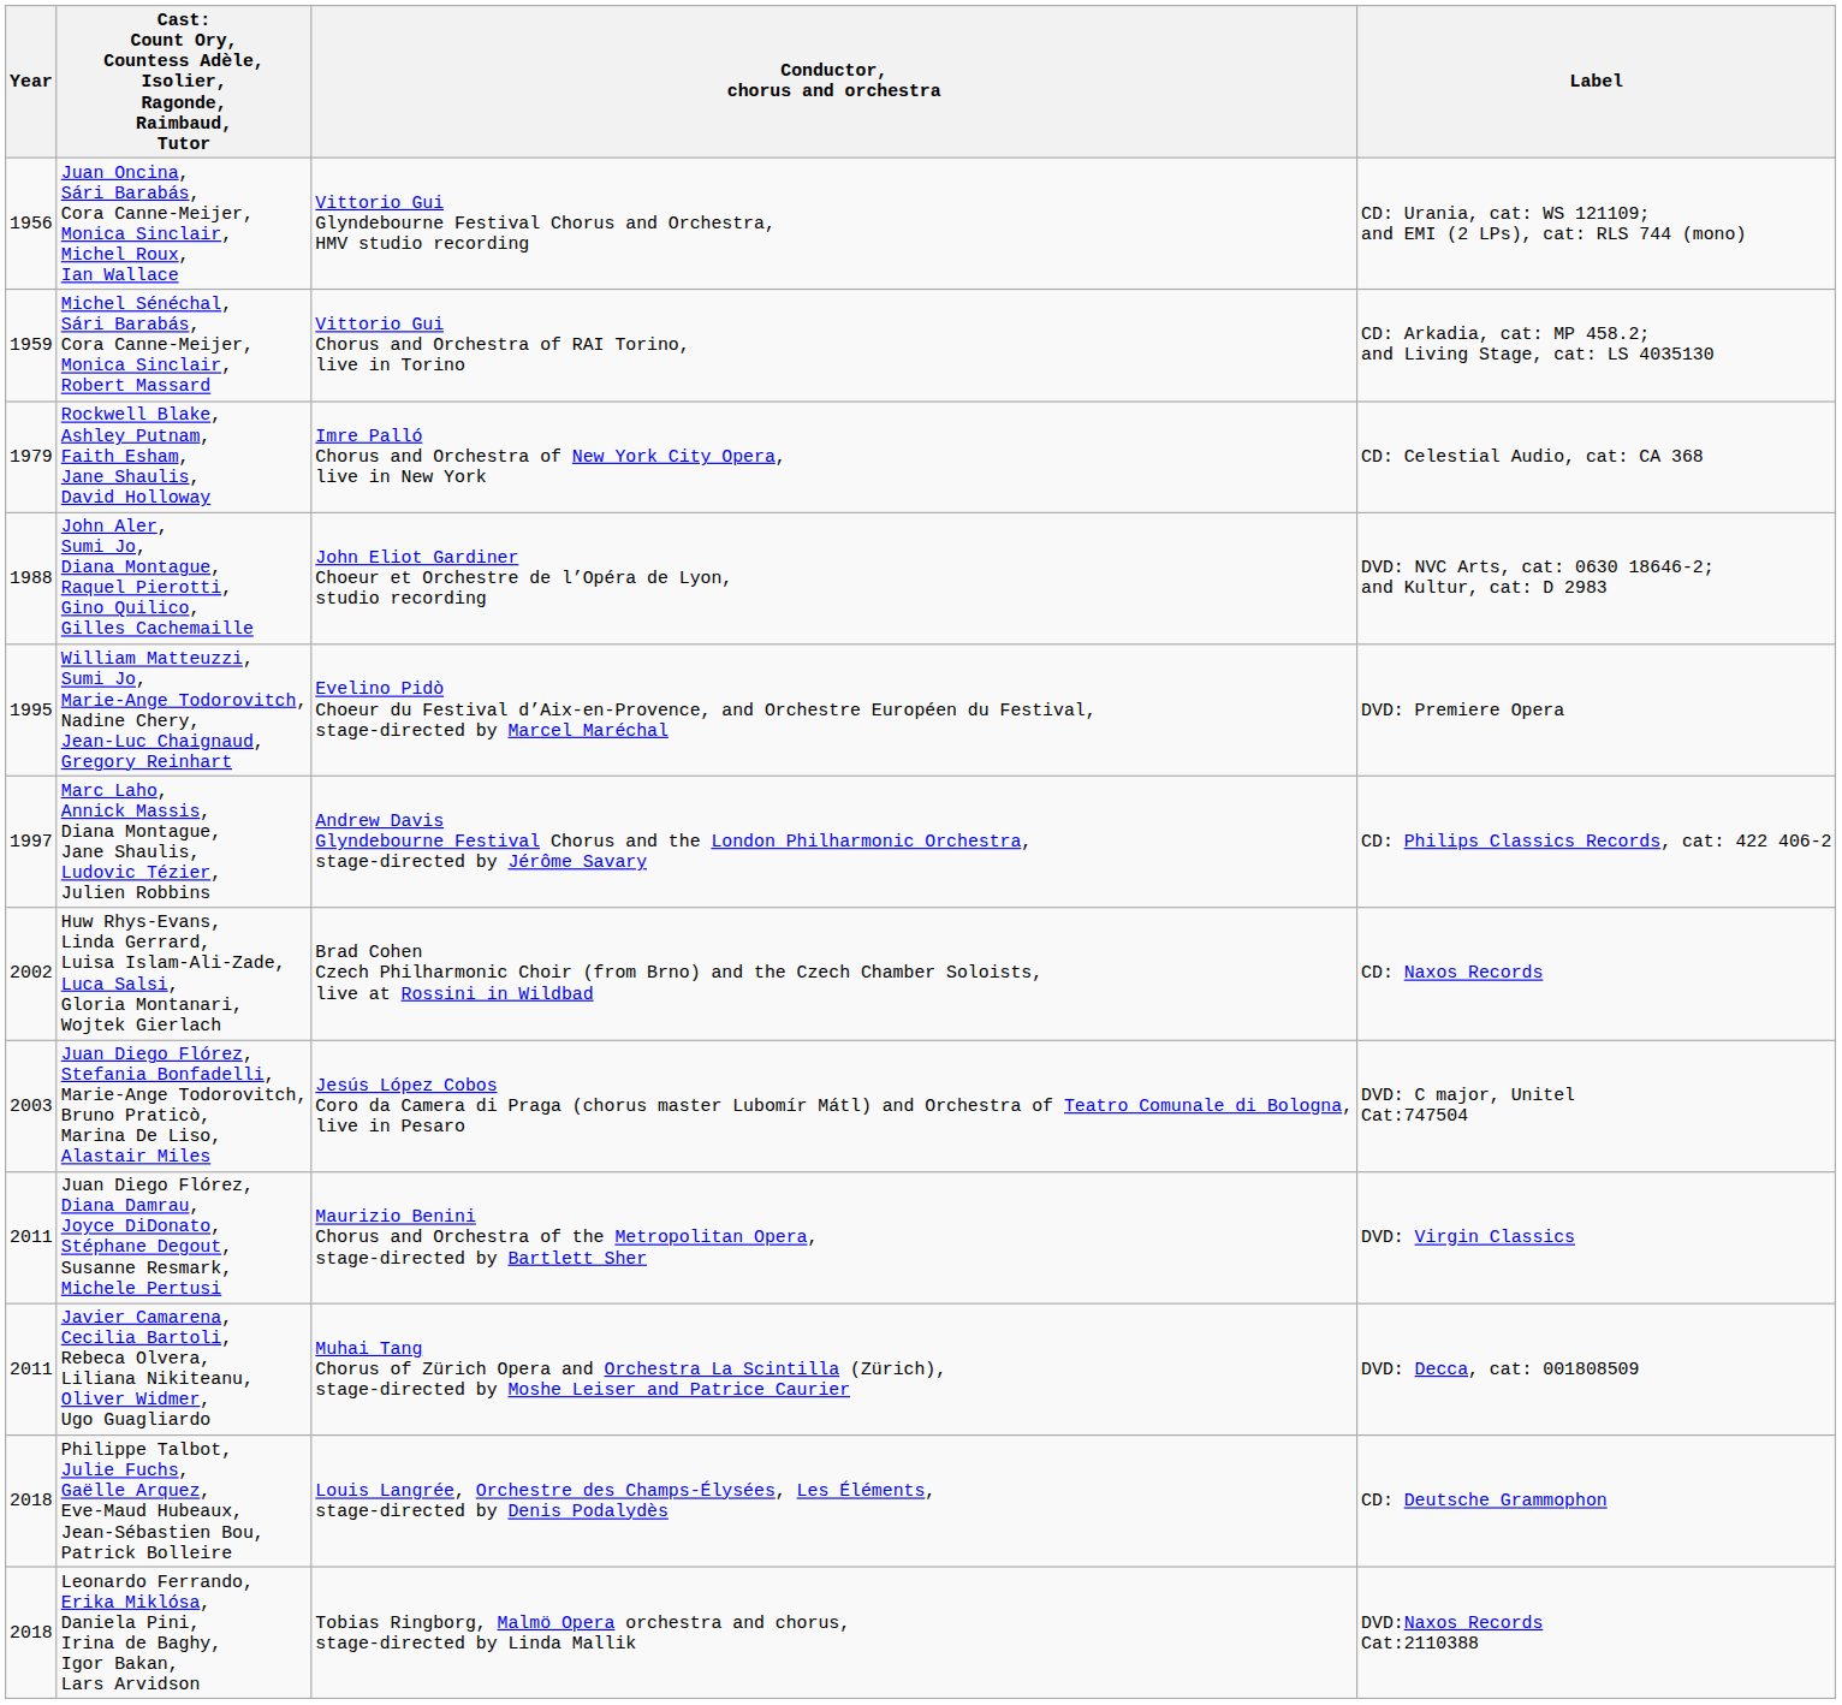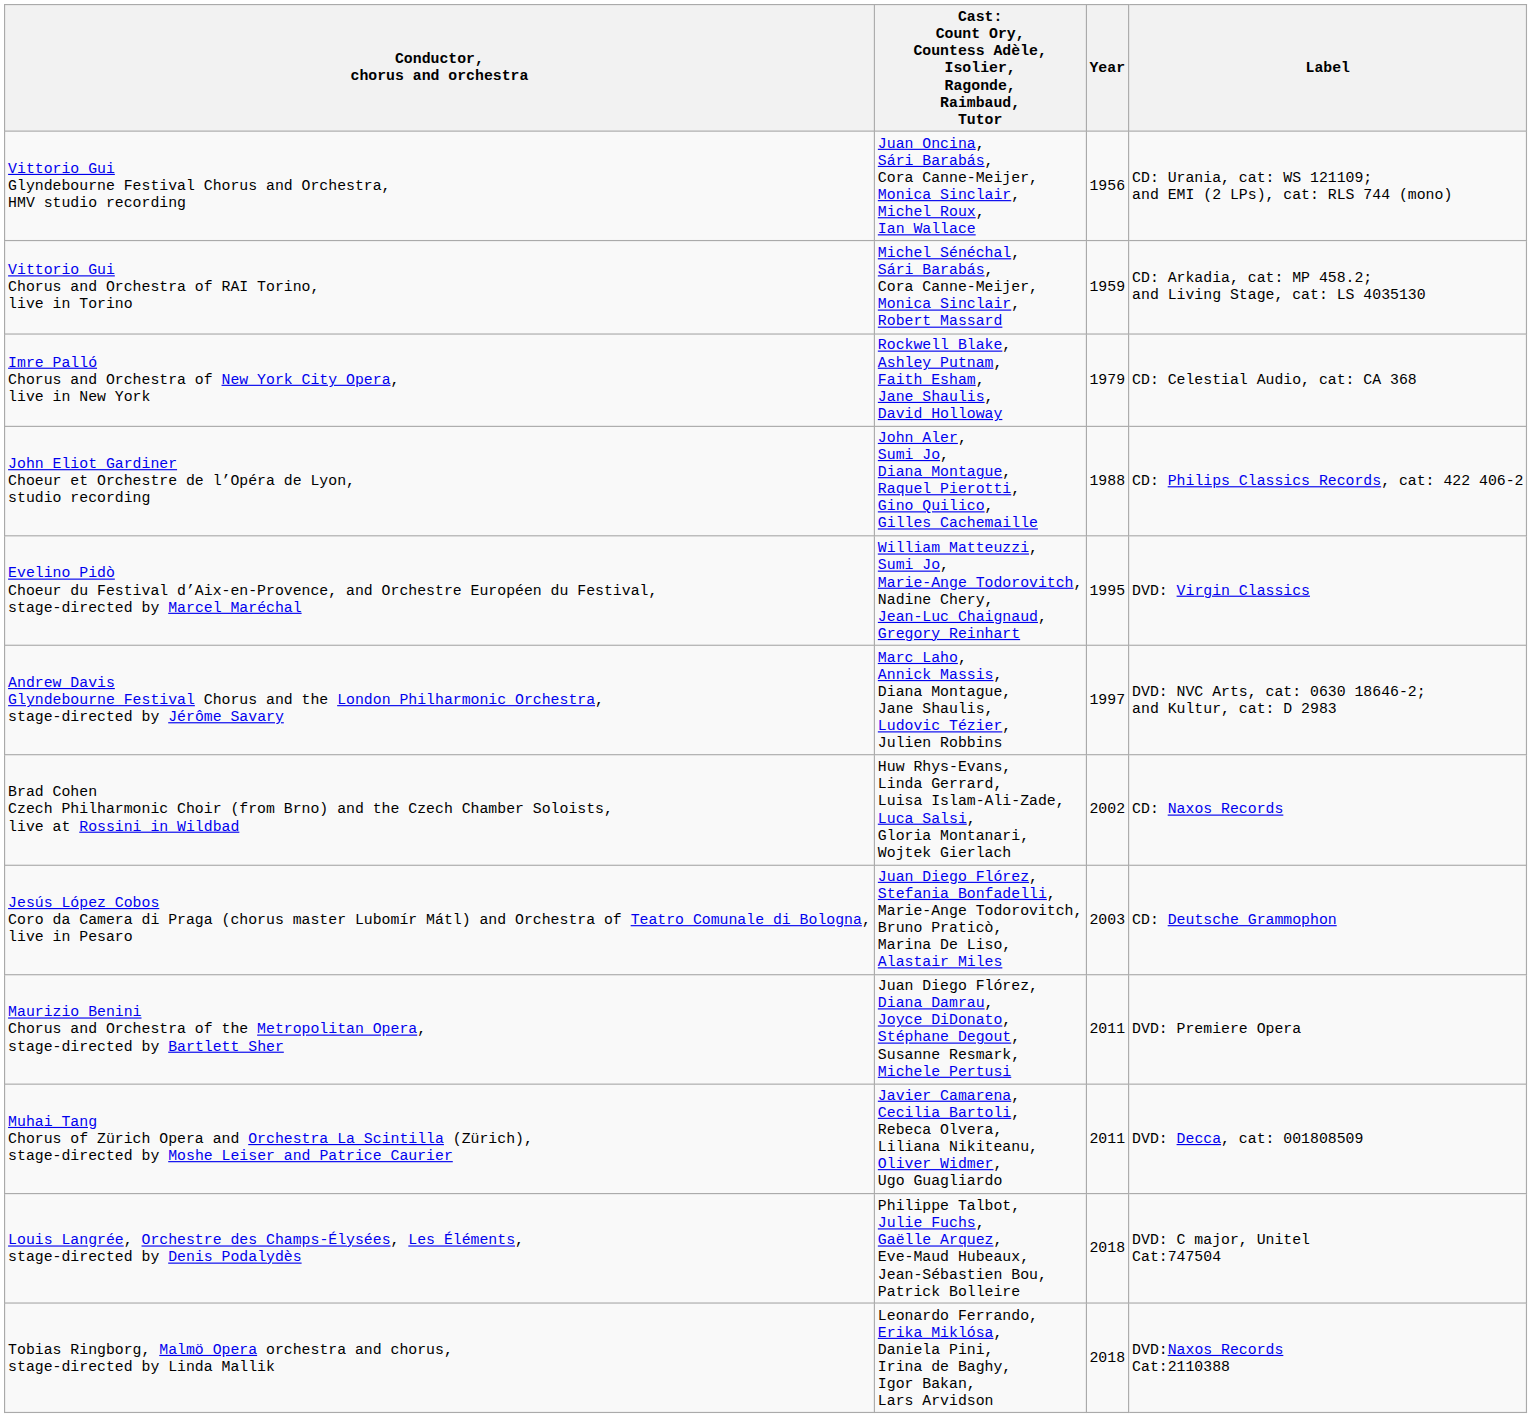 <table class="wikitable">
 <tr>
+<th>Conductor,<br>chorus and orchestra</th>
+<th>Cast:<br>Count Ory,<br>Countess Adèle,<br>Isolier,<br>Ragonde,<br>Raimbaud,<br>Tutor</th>
 <th>Year</th>
-<th>Cast:<br>Count Ory,<br>Countess Adèle,<br>Isolier,<br>Ragonde,<br>Raimbaud,<br>Tutor</th>
-<th>Conductor,<br>chorus and orchestra</th>
 <th>Label</th>
 </tr>
 <tr>
+<td><a href='#'>Vittorio Gui</a><br>Glyndebourne Festival Chorus and Orchestra,<br>HMV studio recording</td>
+<td><a href='#'>Juan Oncina</a>,<br><a href='#'>Sári Barabás</a>,<br>Cora Canne-Meijer,<br><a href='#'>Monica Sinclair</a>,<br><a href='#'>Michel Roux</a>,<br><a href='#'>Ian Wallace</a></td>
 <td>1956</td>
-<td><a href='#'>Juan Oncina</a>,<br><a href='#'>Sári Barabás</a>,<br>Cora Canne-Meijer,<br><a href='#'>Monica Sinclair</a>,<br><a href='#'>Michel Roux</a>,<br><a href='#'>Ian Wallace</a></td>
-<td><a href='#'>Vittorio Gui</a><br>Glyndebourne Festival Chorus and Orchestra,<br>HMV studio recording</td>
 <td>CD: Urania, cat: WS 121109;<br>and EMI (2 LPs), cat: RLS 744 (mono)</td>
 </tr>
 <tr>
+<td><a href='#'>Vittorio Gui</a><br>Chorus and Orchestra of RAI Torino,<br>live in Torino</td>
+<td><a href='#'>Michel Sénéchal</a>,<br><a href='#'>Sári Barabás</a>,<br>Cora Canne-Meijer,<br><a href='#'>Monica Sinclair</a>,<br><a href='#'>Robert Massard</a></td>
 <td>1959</td>
-<td><a href='#'>Michel Sénéchal</a>,<br><a href='#'>Sári Barabás</a>,<br>Cora Canne-Meijer,<br><a href='#'>Monica Sinclair</a>,<br><a href='#'>Robert Massard</a></td>
-<td><a href='#'>Vittorio Gui</a><br>Chorus and Orchestra of RAI Torino,<br>live in Torino</td>
 <td>CD: Arkadia, cat: MP 458.2;<br>and Living Stage, cat: LS 4035130</td>
 </tr>
 <tr>
+<td><a href='#'>Imre Palló</a><br>Chorus and Orchestra of <a href='#'>New York City Opera</a>,<br>live in New York</td>
+<td><a href='#'>Rockwell Blake</a>,<br><a href='#'>Ashley Putnam</a>,<br><a href='#'>Faith Esham</a>,<br><a href='#'>Jane Shaulis</a>,<br><a href='#'>David Holloway</a></td>
 <td>1979</td>
-<td><a href='#'>Rockwell Blake</a>,<br><a href='#'>Ashley Putnam</a>,<br><a href='#'>Faith Esham</a>,<br><a href='#'>Jane Shaulis</a>,<br><a href='#'>David Holloway</a></td>
-<td><a href='#'>Imre Palló</a><br>Chorus and Orchestra of <a href='#'>New York City Opera</a>,<br>live in New York</td>
 <td>CD: Celestial Audio, cat: CA 368</td>
 </tr>
 <tr>
+<td><a href='#'>John Eliot Gardiner</a><br>Choeur et Orchestre de l’Opéra de Lyon,<br>studio recording</td>
+<td><a href='#'>John Aler</a>,<br><a href='#'>Sumi Jo</a>,<br><a href='#'>Diana Montague</a>,<br><a href='#'>Raquel Pierotti</a>,<br><a href='#'>Gino Quilico</a>,<br><a href='#'>Gilles Cachemaille</a></td>
 <td>1988</td>
-<td><a href='#'>John Aler</a>,<br><a href='#'>Sumi Jo</a>,<br><a href='#'>Diana Montague</a>,<br><a href='#'>Raquel Pierotti</a>,<br><a href='#'>Gino Quilico</a>,<br><a href='#'>Gilles Cachemaille</a></td>
-<td><a href='#'>John Eliot Gardiner</a><br>Choeur et Orchestre de l’Opéra de Lyon,<br>studio recording</td>
+<td>CD: <a href='#'>Philips Classics Records</a>, cat: 422 406-2</td>
+</tr>
+<tr>
+<td><a href='#'>Evelino Pidò</a><br>Choeur du Festival d’Aix-en-Provence, and Orchestre Européen du Festival,<br>stage-directed by <a href='#'>Marcel Maréchal</a></td>
+<td><a href='#'>William Matteuzzi</a>,<br><a href='#'>Sumi Jo</a>,<br><a href='#'>Marie-Ange Todorovitch</a>,<br>Nadine Chery,<br><a href='#'>Jean-Luc Chaignaud</a>,<br><a href='#'>Gregory Reinhart</a></td>
+<td>1995</td>
+<td>DVD: <a href='#'>Virgin Classics</a></td>
+</tr>
+<tr>
+<td><a href='#'>Andrew Davis</a><br><a href='#'>Glyndebourne Festival</a> Chorus and the <a href='#'>London Philharmonic Orchestra</a>,<br>stage-directed by <a href='#'>Jérôme Savary</a></td>
+<td><a href='#'>Marc Laho</a>,<br><a href='#'>Annick Massis</a>,<br>Diana Montague,<br>Jane Shaulis,<br><a href='#'>Ludovic Tézier</a>,<br>Julien Robbins</td>
+<td>1997</td>
 <td>DVD: NVC Arts, cat: 0630 18646-2;<br>and Kultur, cat: D 2983</td>
 </tr>
 <tr>
-<td>1995</td>
-<td><a href='#'>William Matteuzzi</a>,<br><a href='#'>Sumi Jo</a>,<br><a href='#'>Marie-Ange Todorovitch</a>,<br>Nadine Chery,<br><a href='#'>Jean-Luc Chaignaud</a>,<br><a href='#'>Gregory Reinhart</a></td>
-<td><a href='#'>Evelino Pidò</a><br>Choeur du Festival d’Aix-en-Provence, and Orchestre Européen du Festival,<br>stage-directed by <a href='#'>Marcel Maréchal</a></td>
+<td>Brad Cohen<br>Czech Philharmonic Choir (from Brno) and the Czech Chamber Soloists,<br>live at <a href='#'>Rossini in Wildbad</a></td>
+<td>Huw Rhys-Evans,<br>Linda Gerrard,<br>Luisa Islam-Ali-Zade,<br><a href='#'>Luca Salsi</a>,<br>Gloria Montanari,<br>Wojtek Gierlach</td>
+<td>2002</td>
+<td>CD: <a href='#'>Naxos Records</a></td>
+</tr>
+<tr>
+<td><a href='#'>Jesús López Cobos</a><br>Coro da Camera di Praga (chorus master Lubomír Mátl) and Orchestra of <a href='#'>Teatro Comunale di Bologna</a>,<br>live in Pesaro</td>
+<td><a href='#'>Juan Diego Flórez</a>,<br><a href='#'>Stefania Bonfadelli</a>,<br>Marie-Ange Todorovitch,<br>Bruno Praticò,<br>Marina De Liso,<br><a href='#'>Alastair Miles</a></td>
+<td>2003</td>
+<td>CD: <a href='#'>Deutsche Grammophon</a></td>
+</tr>
+<tr>
+<td><a href='#'>Maurizio Benini</a><br>Chorus and Orchestra of the <a href='#'>Metropolitan Opera</a>,<br>stage-directed by <a href='#'>Bartlett Sher</a></td>
+<td>Juan Diego Flórez,<br><a href='#'>Diana Damrau</a>,<br><a href='#'>Joyce DiDonato</a>,<br><a href='#'>Stéphane Degout</a>,<br>Susanne Resmark,<br><a href='#'>Michele Pertusi</a></td>
+<td>2011</td>
 <td>DVD: Premiere Opera</td>
 </tr>
 <tr>
-<td>1997</td>
-<td><a href='#'>Marc Laho</a>,<br><a href='#'>Annick Massis</a>,<br>Diana Montague,<br>Jane Shaulis,<br><a href='#'>Ludovic Tézier</a>,<br>Julien Robbins</td>
-<td><a href='#'>Andrew Davis</a><br><a href='#'>Glyndebourne Festival</a> Chorus and the <a href='#'>London Philharmonic Orchestra</a>,<br>stage-directed by <a href='#'>Jérôme Savary</a></td>
-<td>CD: <a href='#'>Philips Classics Records</a>, cat: 422 406-2</td>
+<td><a href='#'>Muhai Tang</a><br>Chorus of Zürich Opera and <a href='#'>Orchestra La Scintilla</a> (Zürich),<br>stage-directed by <a href='#'>Moshe Leiser and Patrice Caurier</a></td>
+<td><a href='#'>Javier Camarena</a>,<br><a href='#'>Cecilia Bartoli</a>,<br>Rebeca Olvera,<br>Liliana Nikiteanu,<br><a href='#'>Oliver Widmer</a>,<br>Ugo Guagliardo</td>
+<td>2011</td>
+<td>DVD: <a href='#'>Decca</a>, cat: 001808509</td>
 </tr>
 <tr>
-<td>2002</td>
-<td>Huw Rhys-Evans,<br>Linda Gerrard,<br>Luisa Islam-Ali-Zade,<br><a href='#'>Luca Salsi</a>,<br>Gloria Montanari,<br>Wojtek Gierlach</td>
-<td>Brad Cohen<br>Czech Philharmonic Choir (from Brno) and the Czech Chamber Soloists,<br>live at <a href='#'>Rossini in Wildbad</a></td>
-<td>CD: <a href='#'>Naxos Records</a></td>
-</tr>
-<tr>
-<td>2003</td>
-<td><a href='#'>Juan Diego Flórez</a>,<br><a href='#'>Stefania Bonfadelli</a>,<br>Marie-Ange Todorovitch,<br>Bruno Praticò,<br>Marina De Liso,<br><a href='#'>Alastair Miles</a></td>
-<td><a href='#'>Jesús López Cobos</a><br>Coro da Camera di Praga (chorus master Lubomír Mátl) and Orchestra of <a href='#'>Teatro Comunale di Bologna</a>,<br>live in Pesaro</td>
+<td><a href='#'>Louis Langrée</a>, <a href='#'>Orchestre des Champs-Élysées</a>, <a href='#'>Les Éléments</a>,<br>stage-directed by <a href='#'>Denis Podalydès</a></td>
+<td>Philippe Talbot,<br><a href='#'>Julie Fuchs</a>,<br><a href='#'>Gaëlle Arquez</a>,<br>Eve-Maud Hubeaux,<br>Jean-Sébastien Bou,<br>Patrick Bolleire</td>
+<td>2018</td>
 <td>DVD: C major, Unitel<br>Cat:747504</td>
 </tr>
 <tr>
-<td>2011</td>
-<td>Juan Diego Flórez,<br><a href='#'>Diana Damrau</a>,<br><a href='#'>Joyce DiDonato</a>,<br><a href='#'>Stéphane Degout</a>,<br>Susanne Resmark,<br><a href='#'>Michele Pertusi</a></td>
-<td><a href='#'>Maurizio Benini</a><br>Chorus and Orchestra of the <a href='#'>Metropolitan Opera</a>,<br>stage-directed by <a href='#'>Bartlett Sher</a></td>
-<td>DVD: <a href='#'>Virgin Classics</a></td>
-</tr>
-<tr>
-<td>2011</td>
-<td><a href='#'>Javier Camarena</a>,<br><a href='#'>Cecilia Bartoli</a>,<br>Rebeca Olvera,<br>Liliana Nikiteanu,<br><a href='#'>Oliver Widmer</a>,<br>Ugo Guagliardo</td>
-<td><a href='#'>Muhai Tang</a><br>Chorus of Zürich Opera and <a href='#'>Orchestra La Scintilla</a> (Zürich),<br>stage-directed by <a href='#'>Moshe Leiser and Patrice Caurier</a></td>
-<td>DVD: <a href='#'>Decca</a>, cat: 001808509</td>
-</tr>
-<tr>
+<td>Tobias Ringborg, <a href='#'>Malmö Opera</a> orchestra and chorus,<br>stage-directed by Linda Mallik</td>
+<td>Leonardo Ferrando,<br><a href='#'>Erika Miklósa</a>,<br>Daniela Pini,<br>Irina de Baghy,<br>Igor Bakan,<br> Lars Arvidson</td>
 <td>2018</td>
-<td>Philippe Talbot,<br><a href='#'>Julie Fuchs</a>,<br><a href='#'>Gaëlle Arquez</a>,<br>Eve-Maud Hubeaux,<br>Jean-Sébastien Bou,<br>Patrick Bolleire</td>
-<td><a href='#'>Louis Langrée</a>, <a href='#'>Orchestre des Champs-Élysées</a>, <a href='#'>Les Éléments</a>,<br>stage-directed by <a href='#'>Denis Podalydès</a></td>
-<td>CD: <a href='#'>Deutsche Grammophon</a></td>
-</tr>
-<tr>
-<td>2018</td>
-<td>Leonardo Ferrando,<br><a href='#'>Erika Miklósa</a>,<br>Daniela Pini,<br>Irina de Baghy,<br>Igor Bakan,<br> Lars Arvidson</td>
-<td>Tobias Ringborg, <a href='#'>Malmö Opera</a> orchestra and chorus,<br>stage-directed by Linda Mallik</td>
 <td>DVD:<a href='#'>Naxos Records</a><br>Cat:2110388</td>
 </tr>
 </table>
